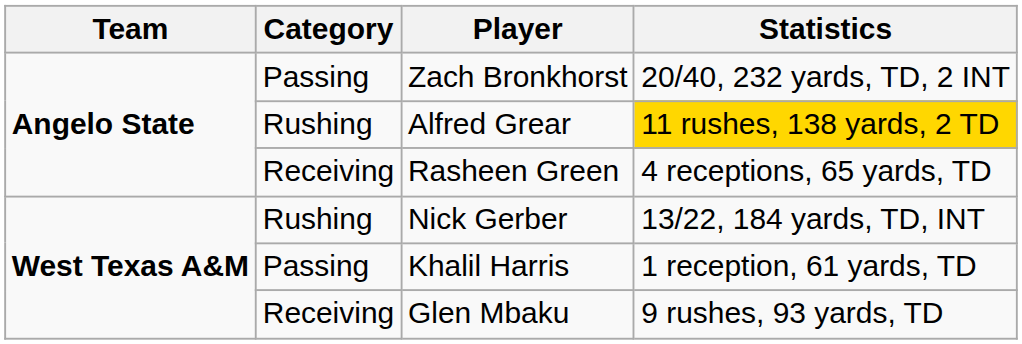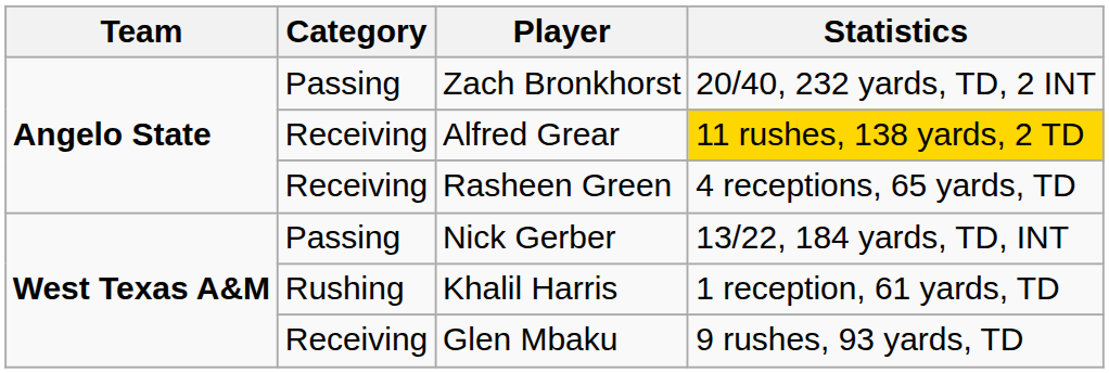 <table class="wikitable" style="float: right;">
 <tr>
 <th>Team</th>
 <th>Category</th>
 <th>Player</th>
 <th>Statistics</th>
 </tr>
 <tr>
 <td rowspan=3><strong>Angelo State</strong></td>
 <td>Passing</td>
 <td>Zach Bronkhorst</td>
 <td>20/40, 232 yards, TD, 2 INT</td>
 </tr>
 <tr>
-<td>Rushing</td>
+<td>Receiving</td>
 <td>Alfred Grear</td>
 <td style="background: gold;">11 rushes, 138 yards, 2 TD</td>
 </tr>
 <tr>
 <td>Receiving</td>
 <td>Rasheen Green</td>
 <td>4 receptions, 65 yards, TD</td>
 </tr>
 <tr>
 <td rowspan=3><strong>West Texas A&M</strong></td>
-<td>Rushing</td>
+<td>Passing</td>
 <td>Nick Gerber</td>
 <td>13/22, 184 yards, TD, INT</td>
 </tr>
 <tr>
-<td>Passing</td>
+<td>Rushing</td>
 <td>Khalil Harris</td>
 <td>1 reception, 61 yards, TD</td>
 </tr>
 <tr>
 <td>Receiving</td>
 <td>Glen Mbaku</td>
 <td>9 rushes, 93 yards, TD</td>
 </tr>
 </table>
